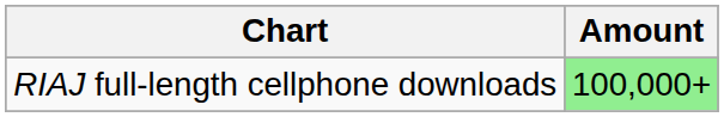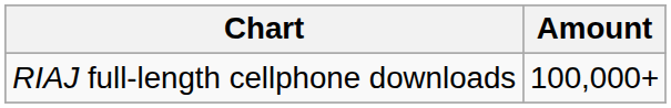 <table class="wikitable">
 <tr>
 <th>Chart</th>
 <th>Amount</th>
 </tr>
 <tr>
 <td><em>RIAJ</em> full-length cellphone downloads</td>
-<td style="background: lightgreen; text-align:center;">100,000+</td>
+<td style="text-align:center;">100,000+</td>
 </tr>
 </table>
